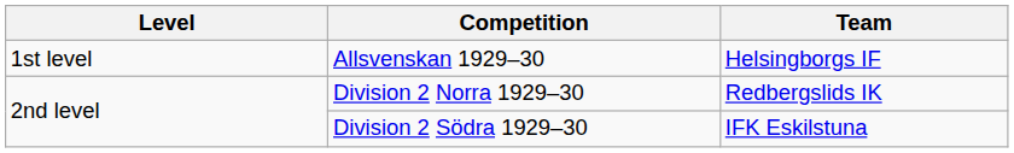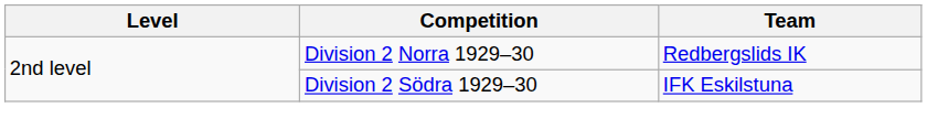 <table class="wikitable" style="text-align: left;">
 <tr>
 <th style="width: 225px;">Level</th>
 <th style="width: 275px;">Competition</th>
 <th style="width: 200px;">Team</th>
-</tr>
-<tr>
-<td>1st level</td>
-<td><a href='#'>Allsvenskan</a> 1929–30</td>
-<td><a href='#'>Helsingborgs IF</a></td>
 </tr>
 <tr>
 <td rowspan=2>2nd level</td>
 <td><a href='#'>Division 2</a> <a href='#'>Norra</a> 1929–30</td>
 <td><a href='#'>Redbergslids IK</a></td>
 </tr>
 <tr>
 <td><a href='#'>Division 2</a> <a href='#'>Södra</a> 1929–30</td>
 <td><a href='#'>IFK Eskilstuna</a></td>
 </tr>
 </table>
